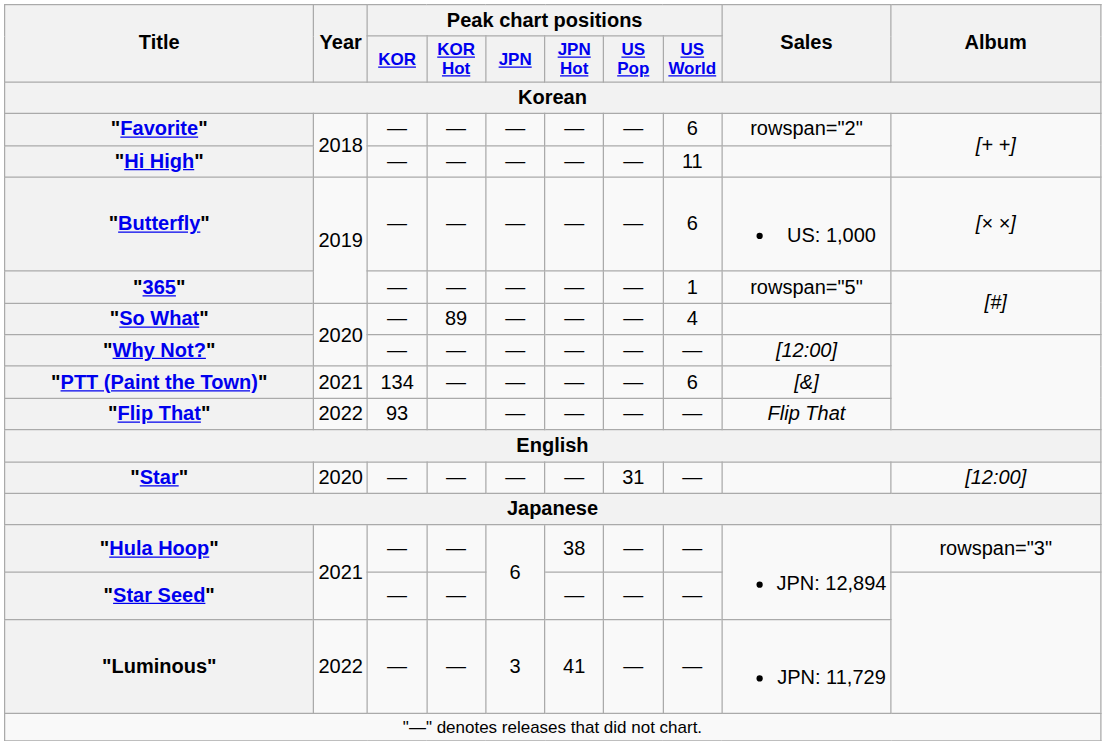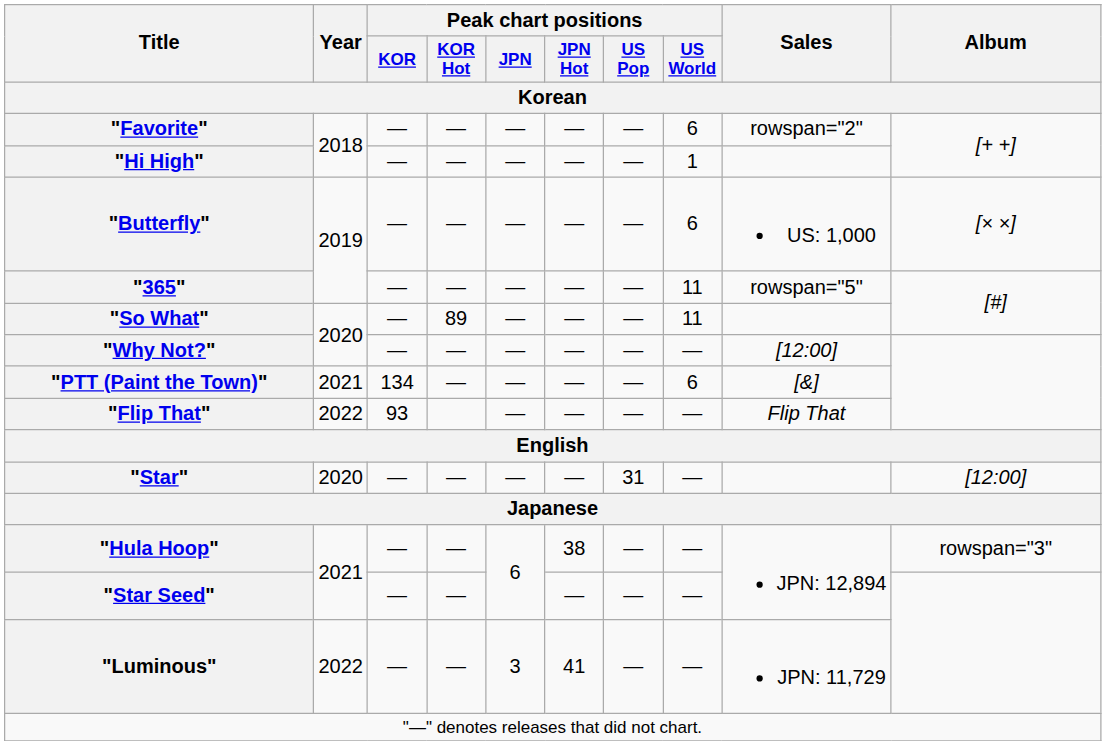 <table class="wikitable plainrowheaders" style="text-align:center;">
 <tr>
 <th scope="col" rowspan="2" style="width:15em;">Title</th>
 <th scope="col" rowspan="2" style="width:1em;">Year</th>
 <th scope="col" colspan="6">Peak chart positions</th>
 <th scope="col" rowspan="2">Sales</th>
 <th scope="col" rowspan="2" style="width:10em;">Album</th>
 </tr>
 <tr>
 <th scope="col" style="width:3em;font-size:85%;"><a href='#'>KOR</a><br></th>
 <th scope="col" style="width:3em;font-size:85%;"><a href='#'>KOR<br>Hot</a><br></th>
 <th scope="col" style="width:3em;font-size:85%;"><a href='#'>JPN</a><br></th>
 <th scope="col" style="width:3em;font-size:85%;"><a href='#'>JPN<br>Hot</a><br></th>
 <th scope="col" style="width:3em;font-size:85%;"><a href='#'>US<br>Pop</a><br></th>
 <th scope="col" style="width:3em;font-size:85%;"><a href='#'>US<br>World</a><br></th>
 </tr>
 <tr>
 <th colspan="10">Korean</th>
 </tr>
 <tr>
 <th scope="row">"<a href='#'>Favorite</a>"</th>
 <td rowspan="2">2018</td>
 <td>—</td>
 <td>—</td>
 <td>—</td>
 <td>—</td>
 <td>—</td>
 <td>6</td>
 <td>rowspan="2" </td>
 <td rowspan="2"><em>[+ +]</em></td>
 </tr>
 <tr>
 <th scope="row">"<a href='#'>Hi High</a>"</th>
 <td>—</td>
 <td>—</td>
 <td>—</td>
 <td>—</td>
 <td>—</td>
-<td>11</td>
+<td>1</td>
 </tr>
 <tr>
 <th scope="row">"<a href='#'>Butterfly</a>"</th>
 <td rowspan="2">2019</td>
 <td>—</td>
 <td>—</td>
 <td>—</td>
 <td>—</td>
 <td>—</td>
 <td>6</td>
 <td><br><ul><li>US: 1,000</li></ul></td>
 <td><em>[× ×]</em></td>
 </tr>
 <tr>
 <th scope="row">"<a href='#'>365</a>"</th>
 <td>—</td>
 <td>—</td>
 <td>—</td>
 <td>—</td>
 <td>—</td>
-<td>1</td>
+<td>11</td>
 <td>rowspan="5" </td>
 <td rowspan="2"><em>[#]</em></td>
 </tr>
 <tr>
 <th scope="row">"<a href='#'>So What</a>"</th>
 <td rowspan="2">2020</td>
 <td>—</td>
 <td>89</td>
 <td>—</td>
 <td>—</td>
 <td>—</td>
-<td>4</td>
+<td>11</td>
 </tr>
 <tr>
 <th scope="row">"<a href='#'>Why Not?</a>"</th>
 <td>—</td>
 <td>—</td>
 <td>—</td>
 <td>—</td>
 <td>—</td>
 <td>—</td>
 <td><em>[12:00]</em></td>
 </tr>
 <tr>
 <th scope="row">"<a href='#'>PTT (Paint the Town)</a>"</th>
 <td>2021</td>
 <td>134</td>
 <td>—</td>
 <td>—</td>
 <td>—</td>
 <td>—</td>
 <td>6</td>
 <td><em>[&]</em></td>
 </tr>
 <tr>
 <th scope="row">"<a href='#'>Flip That</a>"</th>
 <td>2022</td>
 <td>93</td>
 <td></td>
 <td>—</td>
 <td>—</td>
 <td>—</td>
 <td>—</td>
 <td><em>Flip That</em></td>
 </tr>
 <tr>
 <th colspan="10">English</th>
 </tr>
 <tr>
 <th scope="row">"<a href='#'>Star</a>"</th>
 <td>2020</td>
 <td>—</td>
 <td>—</td>
 <td>—</td>
 <td>—</td>
 <td>31</td>
 <td>—</td>
 <td></td>
 <td><em>[12:00]</em></td>
 </tr>
 <tr>
 <th colspan="10">Japanese</th>
 </tr>
 <tr>
 <th scope="row">"<a href='#'>Hula Hoop</a>"</th>
 <td rowspan="2">2021</td>
 <td>—</td>
 <td>—</td>
 <td rowspan="2">6</td>
 <td>38</td>
 <td>—</td>
 <td>—</td>
 <td rowspan="2"><br><ul><li>JPN: 12,894</li></ul></td>
 <td>rowspan="3" </td>
 </tr>
 <tr>
 <th scope="row">"<a href='#'>Star Seed</a>"</th>
 <td>—</td>
 <td>—</td>
 <td>—</td>
 <td>—</td>
 <td>—</td>
 </tr>
 <tr>
 <th scope="row">"Luminous"</th>
 <td>2022</td>
 <td>—</td>
 <td>—</td>
 <td>3</td>
 <td>41</td>
 <td>—</td>
 <td>—</td>
 <td><br><ul><li>JPN: 11,729</li></ul></td>
 </tr>
 <tr>
 <td colspan="10" style="font-size:85%">"—" denotes releases that did not chart.</td>
 </tr>
 </table>
